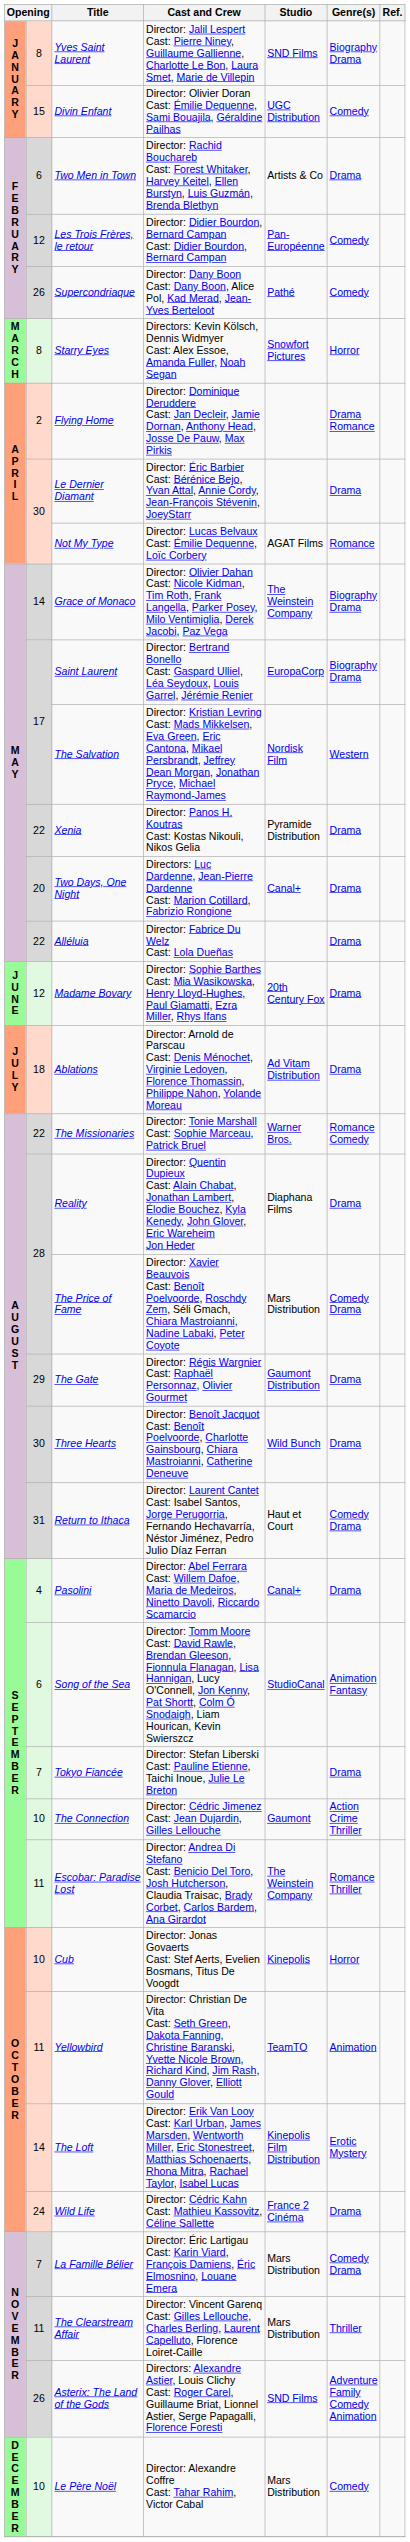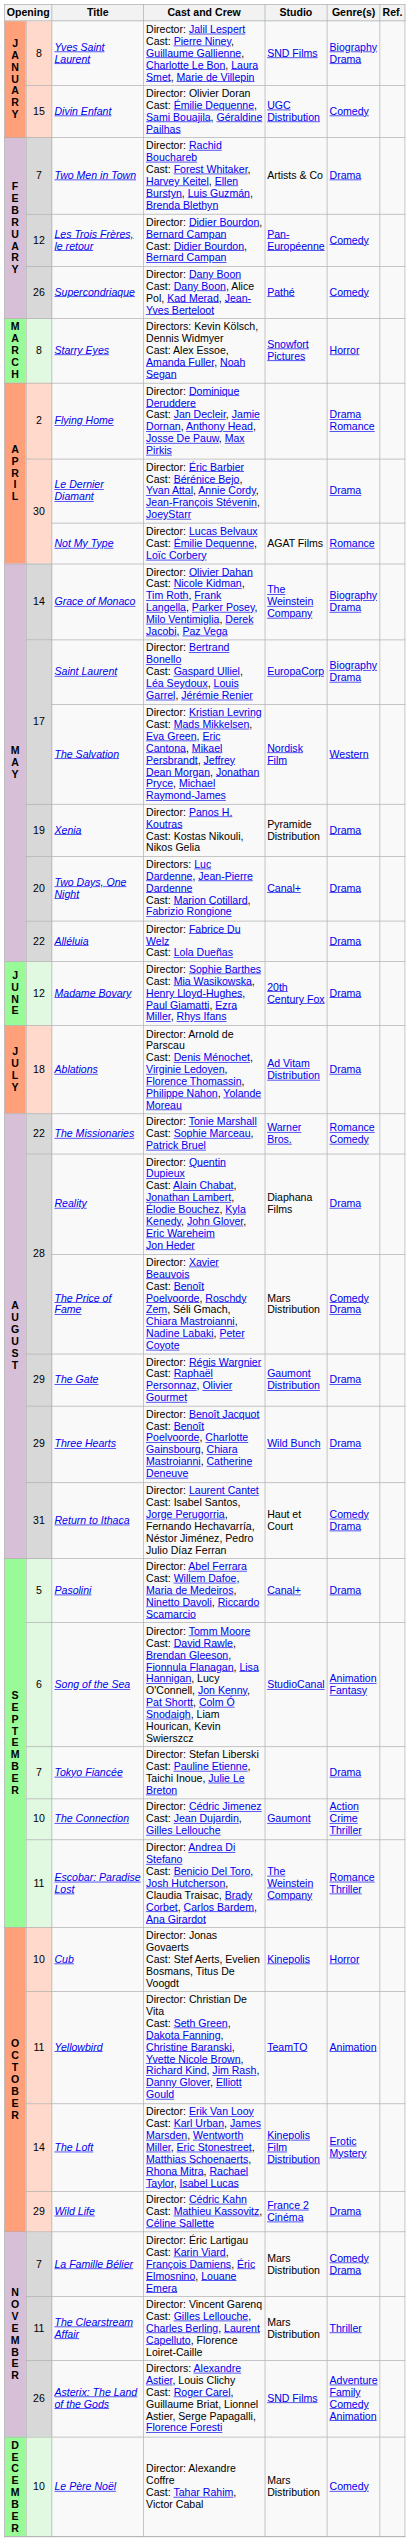 <table class="wikitable">
 <tr style="background:#b0e0e6; text-align:center;">
 <th colspan="2">Opening</th>
 <th style="width:24%;">Title</th>
 <th style="width:40%;">Cast and Crew</th>
 <th>Studio</th>
 <th style="width:10%;">Genre(s)</th>
 <th style="width:2%;">Ref.</th>
 </tr>
 <tr>
 <th rowspan="2" style="text-align:center; background:#ffa07a; textcolor:#000;">J<br>A<br>N<br>U<br>A<br>R<br>Y</th>
 <td rowspan="1" style="text-align:center; background:#ffdacc;">8</td>
 <td><em><a href='#'>Yves Saint Laurent</a></em></td>
 <td>Director: <a href='#'>Jalil Lespert</a> <br> Cast: <a href='#'>Pierre Niney</a>, <a href='#'>Guillaume Gallienne</a>, <a href='#'>Charlotte Le Bon</a>, <a href='#'>Laura Smet</a>, <a href='#'>Marie de Villepin</a></td>
 <td><a href='#'>SND Films</a></td>
 <td><a href='#'>Biography</a> <br> <a href='#'>Drama</a></td>
 <td style="text-align:center"></td>
 </tr>
 <tr>
 <td rowspan="1" style="text-align:center; background:#ffdacc;">15</td>
 <td><em><a href='#'>Divin Enfant</a></em></td>
 <td>Director: Olivier Doran <br> Cast: <a href='#'>Émilie Dequenne</a>, <a href='#'>Sami Bouajila</a>, <a href='#'>Géraldine Pailhas</a></td>
 <td><a href='#'>UGC Distribution</a></td>
 <td><a href='#'>Comedy</a></td>
 <td style="text-align:center"></td>
 </tr>
 <tr>
 <th rowspan="3" style="text-align:center; background:thistle; textcolor:#000;">F<br>E<br>B<br>R<br>U<br>A<br>R<br>Y</th>
-<td rowspan="1" style="text-align:center; background:#d8d8d8;">6</td>
+<td rowspan="1" style="text-align:center; background:#d8d8d8;">7</td>
 <td><em><a href='#'>Two Men in Town</a></em></td>
 <td>Director: <a href='#'>Rachid Bouchareb</a> <br> Cast: <a href='#'>Forest Whitaker</a>, <a href='#'>Harvey Keitel</a>, <a href='#'>Ellen Burstyn</a>, <a href='#'>Luis Guzmán</a>, <a href='#'>Brenda Blethyn</a></td>
 <td>Artists & Co</td>
 <td><a href='#'>Drama</a></td>
 <td style="text-align:center"></td>
 </tr>
 <tr>
 <td rowspan="1" style="text-align:center; background:#d8d8d8;">12</td>
 <td><em><a href='#'>Les Trois Frères, le retour</a></em></td>
 <td>Director: <a href='#'>Didier Bourdon</a>, <a href='#'>Bernard Campan</a> <br> Cast: <a href='#'>Didier Bourdon</a>, <a href='#'>Bernard Campan</a></td>
 <td><a href='#'>Pan-Européenne</a></td>
 <td><a href='#'>Comedy</a></td>
 <td style="text-align:center"></td>
 </tr>
 <tr>
 <td rowspan="1" style="text-align:center; background:#d8d8d8;">26</td>
 <td><em><a href='#'>Supercondriaque</a></em></td>
 <td>Director: <a href='#'>Dany Boon</a> <br> Cast: <a href='#'>Dany Boon</a>, Alice Pol, <a href='#'>Kad Merad</a>, <a href='#'>Jean-Yves Berteloot</a></td>
 <td><a href='#'>Pathé</a></td>
 <td><a href='#'>Comedy</a></td>
 <td style="text-align:center"></td>
 </tr>
 <tr>
 <th rowspan="1" style="text-align:center; background:#98fb98; textcolor:#000;">M<br>A<br>R<br>C<br>H</th>
 <td rowspan="1" style="text-align:center; background:#e0f9e0;">8</td>
 <td><em><a href='#'>Starry Eyes</a></em></td>
 <td>Directors: Kevin Kölsch, Dennis Widmyer <br> Cast: Alex Essoe, <a href='#'>Amanda Fuller</a>, <a href='#'>Noah Segan</a></td>
 <td><a href='#'>Snowfort Pictures</a></td>
 <td><a href='#'>Horror</a></td>
 <td style="text-align:center"></td>
 </tr>
 <tr>
 <th rowspan="3" style="text-align:center; background:#ffa07a; textcolor:#000;">A<br>P<br>R<br>I<br>L</th>
 <td rowspan="1" style="text-align:center; background:#ffdacc;">2</td>
 <td><em><a href='#'>Flying Home</a></em></td>
 <td>Director: <a href='#'>Dominique Deruddere</a>  <br> Cast: <a href='#'>Jan Decleir</a>, <a href='#'>Jamie Dornan</a>, <a href='#'>Anthony Head</a>, <a href='#'>Josse De Pauw</a>, <a href='#'>Max Pirkis</a></td>
 <td></td>
 <td><a href='#'>Drama</a> <br> <a href='#'>Romance</a></td>
 <td style="text-align:center"></td>
 </tr>
 <tr>
 <td rowspan="2" style="text-align:center; background:#ffdacc;">30</td>
 <td><em><a href='#'>Le Dernier Diamant</a></em></td>
 <td>Director: <a href='#'>Éric Barbier</a> <br> Cast: <a href='#'>Bérénice Bejo</a>, <a href='#'>Yvan Attal</a>, <a href='#'>Annie Cordy</a>, <a href='#'>Jean-François Stévenin</a>, <a href='#'>JoeyStarr</a></td>
 <td></td>
 <td><a href='#'>Drama</a></td>
 <td style="text-align:center"></td>
 </tr>
 <tr>
 <td><em><a href='#'>Not My Type</a></em></td>
 <td>Director: <a href='#'>Lucas Belvaux</a> <br> Cast: <a href='#'>Émilie Dequenne</a>, <a href='#'>Loïc Corbery</a></td>
 <td>AGAT Films</td>
 <td><a href='#'>Romance</a></td>
 <td style="text-align:center"></td>
 </tr>
 <tr>
 <th rowspan="6" style="text-align:center; background:thistle; textcolor:#000;">M<br>A<br>Y</th>
 <td rowspan="1" style="text-align:center; background:#d8d8d8;">14</td>
 <td><em><a href='#'>Grace of Monaco</a></em></td>
 <td>Director: <a href='#'>Olivier Dahan</a> <br> Cast: <a href='#'>Nicole Kidman</a>, <a href='#'>Tim Roth</a>, <a href='#'>Frank Langella</a>, <a href='#'>Parker Posey</a>, <a href='#'>Milo Ventimiglia</a>, <a href='#'>Derek Jacobi</a>, <a href='#'>Paz Vega</a></td>
 <td><a href='#'>The Weinstein Company</a></td>
 <td><a href='#'>Biography</a> <br> <a href='#'>Drama</a></td>
 <td style="text-align:center"></td>
 </tr>
 <tr>
 <td rowspan="2" style="text-align:center; background:#d8d8d8;">17</td>
 <td><em><a href='#'>Saint Laurent</a></em></td>
 <td>Director: <a href='#'>Bertrand Bonello</a> <br> Cast: <a href='#'>Gaspard Ulliel</a>, <a href='#'>Léa Seydoux</a>, <a href='#'>Louis Garrel</a>, <a href='#'>Jérémie Renier</a></td>
 <td><a href='#'>EuropaCorp</a></td>
 <td><a href='#'>Biography</a> <br> <a href='#'>Drama</a></td>
 <td style="text-align:center"></td>
 </tr>
 <tr>
 <td><em><a href='#'>The Salvation</a></em></td>
 <td>Director: <a href='#'>Kristian Levring</a> <br> Cast: <a href='#'>Mads Mikkelsen</a>, <a href='#'>Eva Green</a>, <a href='#'>Eric Cantona</a>, <a href='#'>Mikael Persbrandt</a>, <a href='#'>Jeffrey Dean Morgan</a>, <a href='#'>Jonathan Pryce</a>, <a href='#'>Michael Raymond-James</a></td>
 <td><a href='#'>Nordisk Film</a></td>
 <td><a href='#'>Western</a></td>
 <td style="text-align:center"></td>
 </tr>
 <tr>
-<td rowspan="1" style="text-align:center; background:#d8d8d8;">22</td>
+<td rowspan="1" style="text-align:center; background:#d8d8d8;">19</td>
 <td><em><a href='#'>Xenia</a></em></td>
 <td>Director: <a href='#'>Panos H. Koutras</a> <br> Cast: Kostas Nikouli, Nikos Gelia</td>
 <td>Pyramide Distribution</td>
 <td><a href='#'>Drama</a></td>
 <td style="text-align:center"></td>
 </tr>
 <tr>
 <td rowspan="1" style="text-align:center; background:#d8d8d8;">20</td>
 <td><em><a href='#'>Two Days, One Night</a></em></td>
 <td>Directors: <a href='#'>Luc Dardenne</a>, <a href='#'>Jean-Pierre Dardenne</a> <br> Cast: <a href='#'>Marion Cotillard</a>, <a href='#'>Fabrizio Rongione</a></td>
 <td><a href='#'>Canal+</a></td>
 <td><a href='#'>Drama</a></td>
 <td style="text-align:center"></td>
 </tr>
 <tr>
 <td rowspan="1" style="text-align:center; background:#d8d8d8;">22</td>
 <td><em><a href='#'>Alléluia</a></em></td>
 <td>Director: <a href='#'>Fabrice Du Welz</a> <br> Cast: <a href='#'>Lola Dueñas</a></td>
 <td></td>
 <td><a href='#'>Drama</a></td>
 <td style="text-align:center"></td>
 </tr>
 <tr>
 <th rowspan="1" style="text-align:center; background:#98fb98; textcolor:#000;">J<br>U<br>N<br>E</th>
 <td rowspan="1" style="text-align:center; background:#e0f9e0;">12</td>
 <td><em><a href='#'>Madame Bovary</a></em></td>
 <td>Director: <a href='#'>Sophie Barthes</a> <br> Cast: <a href='#'>Mia Wasikowska</a>, <a href='#'>Henry Lloyd-Hughes</a>, <a href='#'>Paul Giamatti</a>, <a href='#'>Ezra Miller</a>, <a href='#'>Rhys Ifans</a></td>
 <td><a href='#'>20th Century Fox</a></td>
 <td><a href='#'>Drama</a></td>
 <td style="text-align:center"></td>
 </tr>
 <tr>
 <th rowspan="1" style="text-align:center; background:#ffa07a; textcolor:#000;">J<br>U<br>L<br>Y</th>
 <td rowspan="1" style="text-align:center; background:#ffdacc;">18</td>
 <td><em><a href='#'>Ablations</a></em></td>
 <td>Director: Arnold de Parscau <br> Cast: <a href='#'>Denis Ménochet</a>, <a href='#'>Virginie Ledoyen</a>, <a href='#'>Florence Thomassin</a>, <a href='#'>Philippe Nahon</a>, <a href='#'>Yolande Moreau</a></td>
 <td><a href='#'>Ad Vitam Distribution</a></td>
 <td><a href='#'>Drama</a></td>
 <td style="text-align:center"></td>
 </tr>
 <tr>
 <th rowspan="6" style="text-align:center; background:thistle; textcolor:#000;">A<br>U<br>G<br>U<br>S<br>T</th>
 <td rowspan="1" style="text-align:center; background:#d8d8d8;">22</td>
 <td><em><a href='#'>The Missionaries</a></em></td>
 <td>Director: <a href='#'>Tonie Marshall</a> <br> Cast: <a href='#'>Sophie Marceau</a>, <a href='#'>Patrick Bruel</a></td>
 <td><a href='#'>Warner Bros.</a></td>
 <td><a href='#'>Romance</a> <br> <a href='#'>Comedy</a></td>
 <td style="text-align:center"></td>
 </tr>
 <tr>
 <td rowspan="2" style="text-align:center; background:#d8d8d8;">28</td>
 <td><em><a href='#'>Reality</a></em></td>
 <td>Director: <a href='#'>Quentin Dupieux</a> <br> Cast: <a href='#'>Alain Chabat</a>, <a href='#'>Jonathan Lambert</a>, <a href='#'>Élodie Bouchez</a>, <a href='#'>Kyla Kenedy</a>, <a href='#'>John Glover</a>, <a href='#'>Eric Wareheim</a><br><a href='#'>Jon Heder</a></td>
 <td>Diaphana Films</td>
 <td><a href='#'>Drama</a></td>
 <td style="text-align:center"></td>
 </tr>
 <tr>
 <td><em><a href='#'>The Price of Fame</a></em></td>
 <td>Director: <a href='#'>Xavier Beauvois</a> <br> Cast: <a href='#'>Benoît Poelvoorde</a>, <a href='#'>Roschdy Zem</a>, Séli Gmach, <a href='#'>Chiara Mastroianni</a>, <a href='#'>Nadine Labaki</a>, <a href='#'>Peter Coyote</a></td>
 <td>Mars Distribution</td>
 <td><a href='#'>Comedy</a> <br> <a href='#'>Drama</a></td>
 <td style="text-align:center"></td>
 </tr>
 <tr>
 <td rowspan="1" style="text-align:center; background:#d8d8d8;">29</td>
 <td><em><a href='#'>The Gate</a></em></td>
 <td>Director: <a href='#'>Régis Wargnier</a> <br> Cast: <a href='#'>Raphaël Personnaz</a>, <a href='#'>Olivier Gourmet</a></td>
 <td><a href='#'>Gaumont Distribution</a></td>
 <td><a href='#'>Drama</a></td>
 <td style="text-align:center"></td>
 </tr>
 <tr>
-<td rowspan="1" style="text-align:center; background:#d8d8d8;">30</td>
+<td rowspan="1" style="text-align:center; background:#d8d8d8;">29</td>
 <td><em><a href='#'>Three Hearts</a></em></td>
 <td>Director: <a href='#'>Benoît Jacquot</a> <br> Cast: <a href='#'>Benoît Poelvoorde</a>, <a href='#'>Charlotte Gainsbourg</a>, <a href='#'>Chiara Mastroianni</a>, <a href='#'>Catherine Deneuve</a></td>
 <td><a href='#'>Wild Bunch</a></td>
 <td><a href='#'>Drama</a></td>
 <td style="text-align:center"></td>
 </tr>
 <tr>
 <td rowspan="1" style="text-align:center; background:#d8d8d8;">31</td>
 <td><em><a href='#'>Return to Ithaca</a></em></td>
 <td>Director: <a href='#'>Laurent Cantet</a> <br> Cast: Isabel Santos, <a href='#'>Jorge Perugorria</a>, Fernando Hechavarría, Néstor Jiménez, Pedro Julio Díaz Ferran</td>
 <td>Haut et Court</td>
 <td><a href='#'>Comedy</a> <br> <a href='#'>Drama</a></td>
 <td style="text-align:center"></td>
 </tr>
 <tr>
 <th rowspan="5" style="text-align:center; background:#98fb98; textcolor:#000;">S<br>E<br>P<br>T<br>E<br>M<br>B<br>E<br>R</th>
-<td rowspan="1" style="text-align:center; background:#e0f9e0;">4</td>
+<td rowspan="1" style="text-align:center; background:#e0f9e0;">5</td>
 <td><em><a href='#'>Pasolini</a></em></td>
 <td>Director: <a href='#'>Abel Ferrara</a> <br> Cast: <a href='#'>Willem Dafoe</a>, <a href='#'>Maria de Medeiros</a>, <a href='#'>Ninetto Davoli</a>, <a href='#'>Riccardo Scamarcio</a></td>
 <td><a href='#'>Canal+</a></td>
 <td><a href='#'>Drama</a></td>
 <td style="text-align:center"></td>
 </tr>
 <tr>
 <td rowspan="1" style="text-align:center; background:#e0f9e0;">6</td>
 <td><em><a href='#'>Song of the Sea</a></em></td>
 <td>Director: <a href='#'>Tomm Moore</a> <br> Cast: <a href='#'>David Rawle</a>, <a href='#'>Brendan Gleeson</a>, <a href='#'>Fionnula Flanagan</a>, <a href='#'>Lisa Hannigan</a>, Lucy O'Connell, <a href='#'>Jon Kenny</a>, <a href='#'>Pat Shortt</a>, <a href='#'>Colm Ó Snodaigh</a>, Liam Hourican, Kevin Swierszcz</td>
 <td><a href='#'>StudioCanal</a></td>
 <td><a href='#'>Animation</a> <br> <a href='#'>Fantasy</a></td>
 <td style="text-align:center"></td>
 </tr>
 <tr>
 <td rowspan="1" style="text-align:center; background:#e0f9e0;">7</td>
 <td><em><a href='#'>Tokyo Fiancée</a></em></td>
 <td>Director: Stefan Liberski <br> Cast: <a href='#'>Pauline Etienne</a>, Taichi Inoue, <a href='#'>Julie Le Breton</a></td>
 <td></td>
 <td><a href='#'>Drama</a></td>
 <td style="text-align:center"></td>
 </tr>
 <tr>
 <td rowspan="1" style="text-align:center; background:#e0f9e0;">10</td>
 <td><em><a href='#'>The Connection</a></em></td>
 <td>Director: <a href='#'>Cédric Jimenez</a> <br> Cast: <a href='#'>Jean Dujardin</a>, <a href='#'>Gilles Lellouche</a></td>
 <td><a href='#'>Gaumont</a></td>
 <td><a href='#'>Action</a> <br> <a href='#'>Crime</a> <br> <a href='#'>Thriller</a></td>
 <td style="text-align:center"></td>
 </tr>
 <tr>
 <td rowspan="1" style="text-align:center; background:#e0f9e0;">11</td>
 <td><em><a href='#'>Escobar: Paradise Lost</a></em></td>
 <td>Director: <a href='#'>Andrea Di Stefano</a> <br> Cast: <a href='#'>Benicio Del Toro</a>, <a href='#'>Josh Hutcherson</a>, Claudia Traisac, <a href='#'>Brady Corbet</a>, <a href='#'>Carlos Bardem</a>, <a href='#'>Ana Girardot</a></td>
 <td><a href='#'>The Weinstein Company</a></td>
 <td><a href='#'>Romance</a> <br> <a href='#'>Thriller</a></td>
 <td style="text-align:center"></td>
 </tr>
 <tr>
 <th rowspan="4" style="text-align:center; background:#ffa07a; textcolor:#000;">O<br>C<br>T<br>O<br>B<br>E<br>R</th>
 <td rowspan="1" style="text-align:center; background:#ffdacc;">10</td>
 <td><em><a href='#'>Cub</a></em></td>
 <td>Director: Jonas Govaerts <br> Cast: Stef Aerts, Evelien Bosmans, Titus De Voogdt</td>
 <td><a href='#'>Kinepolis</a></td>
 <td><a href='#'>Horror</a></td>
 <td style="text-align:center"></td>
 </tr>
 <tr>
 <td rowspan="1" style="text-align:center; background:#ffdacc;">11</td>
 <td><em><a href='#'>Yellowbird</a></em></td>
 <td>Director: Christian De Vita <br> Cast: <a href='#'>Seth Green</a>, <a href='#'>Dakota Fanning</a>, <a href='#'>Christine Baranski</a>, <a href='#'>Yvette Nicole Brown</a>, <a href='#'>Richard Kind</a>, <a href='#'>Jim Rash</a>, <a href='#'>Danny Glover</a>, <a href='#'>Elliott Gould</a></td>
 <td><a href='#'>TeamTO</a></td>
 <td><a href='#'>Animation</a></td>
 <td style="text-align:center"></td>
 </tr>
 <tr>
 <td rowspan="1" style="text-align:center; background:#ffdacc;">14</td>
 <td><em><a href='#'>The Loft</a></em></td>
 <td>Director: <a href='#'>Erik Van Looy</a> <br> Cast: <a href='#'>Karl Urban</a>, <a href='#'>James Marsden</a>, <a href='#'>Wentworth Miller</a>, <a href='#'>Eric Stonestreet</a>, <a href='#'>Matthias Schoenaerts</a>, <a href='#'>Rhona Mitra</a>, <a href='#'>Rachael Taylor</a>, <a href='#'>Isabel Lucas</a></td>
 <td><a href='#'>Kinepolis Film Distribution</a></td>
 <td><a href='#'>Erotic</a> <br> <a href='#'>Mystery</a></td>
 <td style="text-align:center"></td>
 </tr>
 <tr>
-<td rowspan="1" style="text-align:center; background:#ffdacc;">24</td>
+<td rowspan="1" style="text-align:center; background:#ffdacc;">29</td>
 <td><em><a href='#'>Wild Life</a></em></td>
 <td>Director: <a href='#'>Cédric Kahn</a> <br> Cast: <a href='#'>Mathieu Kassovitz</a>, <a href='#'>Céline Sallette</a></td>
 <td><a href='#'>France 2 Cinéma</a></td>
 <td><a href='#'>Drama</a></td>
 <td style="text-align:center"></td>
 </tr>
 <tr>
 <th rowspan="3" style="text-align:center; background:thistle; textcolor:#000;">N<br>O<br>V<br>E<br>M<br>B<br>E<br>R</th>
 <td rowspan="1" style="text-align:center; background:#d8d8d8;">7</td>
 <td><em><a href='#'>La Famille Bélier</a></em></td>
 <td>Director: Éric Lartigau <br> Cast: <a href='#'>Karin Viard</a>, <a href='#'>François Damiens</a>, <a href='#'>Éric Elmosnino</a>, <a href='#'>Louane Emera</a></td>
 <td>Mars Distribution</td>
 <td><a href='#'>Comedy</a> <br> <a href='#'>Drama</a></td>
 <td style="text-align:center"></td>
 </tr>
 <tr>
 <td rowspan="1" style="text-align:center; background:#d8d8d8;">11</td>
 <td><em><a href='#'>The Clearstream Affair</a></em></td>
 <td>Director: Vincent Garenq <br> Cast: <a href='#'>Gilles Lellouche</a>, <a href='#'>Charles Berling</a>, <a href='#'>Laurent Capelluto</a>, Florence Loiret-Caille</td>
 <td>Mars Distribution</td>
 <td><a href='#'>Thriller</a></td>
 <td style="text-align:center"></td>
 </tr>
 <tr>
 <td rowspan="1" style="text-align:center; background:#d8d8d8;">26</td>
 <td><em><a href='#'>Asterix: The Land of the Gods</a></em></td>
 <td>Directors: <a href='#'>Alexandre Astier</a>, Louis Clichy <br> Cast: <a href='#'>Roger Carel</a>, Guillaume Briat, Lionnel Astier, Serge Papagalli, <a href='#'>Florence Foresti</a></td>
 <td><a href='#'>SND Films</a></td>
 <td><a href='#'>Adventure</a> <a href='#'>Family</a> <br> <a href='#'>Comedy</a> <br> <a href='#'>Animation</a></td>
 <td style="text-align:center"></td>
 </tr>
 <tr>
 <th rowspan="1" style="text-align:center; background:#98fb98; textcolor:#000;">D<br>E<br>C<br>E<br>M<br>B<br>E<br>R</th>
 <td rowspan="1" style="text-align:center; background:#e0f9e0;">10</td>
 <td><em><a href='#'>Le Père Noël</a></em></td>
 <td>Director: Alexandre Coffre <br> Cast: <a href='#'>Tahar Rahim</a>, Victor Cabal</td>
 <td>Mars Distribution</td>
 <td><a href='#'>Comedy</a></td>
 <td style="text-align:center"></td>
 </tr>
 <tr>
 </tr>
 </table>
